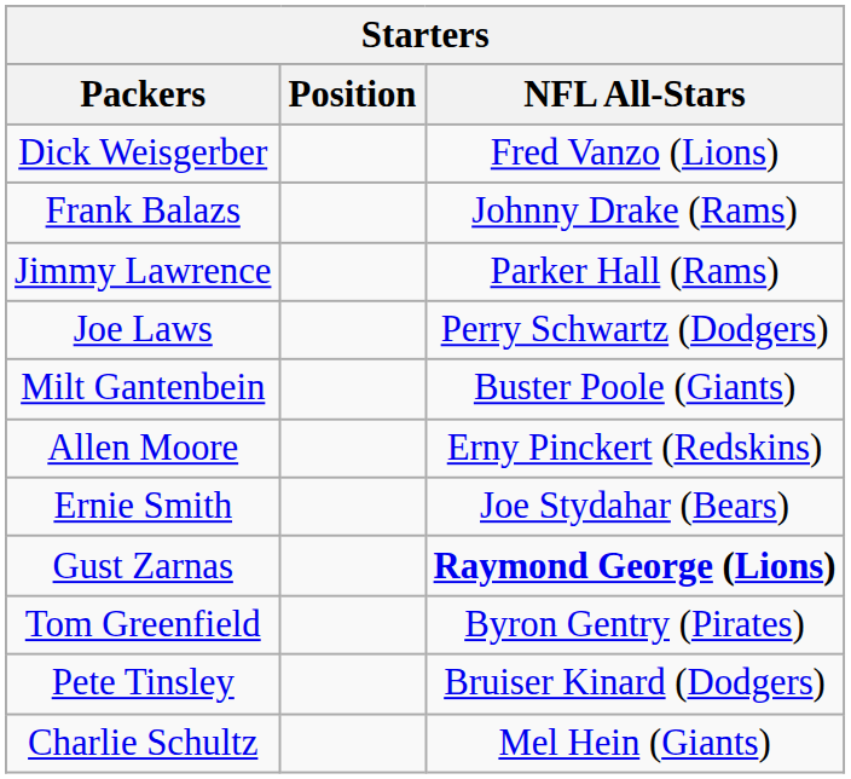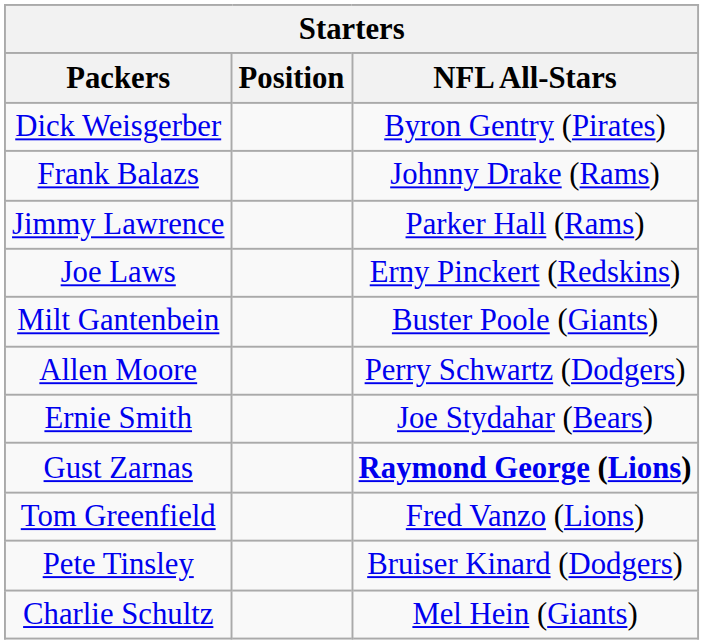 <table class="wikitable" style="text-align:center">
 <tr>
 <th colspan="4" style="text-align:center">Starters</th>
 </tr>
 <tr>
 <th>Packers</th>
 <th colspan="2">Position</th>
 <th>NFL All-Stars</th>
 </tr>
 <tr>
 <td><a href='#'>Dick Weisgerber</a></td>
 <td colspan="2" style="text-align:center"></td>
-<td><a href='#'>Fred Vanzo</a> (<a href='#'>Lions</a>)</td>
+<td><a href='#'>Byron Gentry</a> (<a href='#'>Pirates</a>)</td>
 </tr>
 <tr>
 <td><a href='#'>Frank Balazs</a></td>
 <td colspan="2" style="text-align:center"></td>
 <td><a href='#'>Johnny Drake</a> (<a href='#'>Rams</a>)</td>
 </tr>
 <tr>
 <td><a href='#'>Jimmy Lawrence</a></td>
 <td colspan="2" style="text-align:center"></td>
 <td><a href='#'>Parker Hall</a> (<a href='#'>Rams</a>)</td>
 </tr>
 <tr>
 <td><a href='#'>Joe Laws</a></td>
 <td colspan="2" style="text-align:center"></td>
-<td><a href='#'>Perry Schwartz</a> (<a href='#'>Dodgers</a>)</td>
+<td><a href='#'>Erny Pinckert</a> (<a href='#'>Redskins</a>)</td>
 </tr>
 <tr>
 <td><a href='#'>Milt Gantenbein</a></td>
 <td colspan="2" style="text-align:center"></td>
 <td><a href='#'>Buster Poole</a> (<a href='#'>Giants</a>)</td>
 </tr>
 <tr>
 <td><a href='#'>Allen Moore</a></td>
 <td colspan="2" style="text-align:center"></td>
-<td><a href='#'>Erny Pinckert</a> (<a href='#'>Redskins</a>)</td>
+<td><a href='#'>Perry Schwartz</a> (<a href='#'>Dodgers</a>)</td>
 </tr>
 <tr>
 <td><a href='#'>Ernie Smith</a></td>
 <td colspan="2" style="text-align:center"></td>
 <td><a href='#'>Joe Stydahar</a> (<a href='#'>Bears</a>)</td>
 </tr>
 <tr>
 <td><a href='#'>Gust Zarnas</a></td>
 <td colspan="2" style="text-align:center"></td>
 <td><strong><a href='#'>Raymond George</a> (<a href='#'>Lions</a>)</strong></td>
 </tr>
 <tr>
 <td><a href='#'>Tom Greenfield</a></td>
 <td colspan="2" style="text-align:center"></td>
-<td><a href='#'>Byron Gentry</a> (<a href='#'>Pirates</a>)</td>
+<td><a href='#'>Fred Vanzo</a> (<a href='#'>Lions</a>)</td>
 </tr>
 <tr>
 <td><a href='#'>Pete Tinsley</a></td>
 <td colspan="2" style="text-align:center"></td>
 <td><a href='#'>Bruiser Kinard</a> (<a href='#'>Dodgers</a>)</td>
 </tr>
 <tr>
 <td><a href='#'>Charlie Schultz</a></td>
 <td colspan="2" style="text-align:center"></td>
 <td><a href='#'>Mel Hein</a> (<a href='#'>Giants</a>)</td>
 </tr>
 </table>
